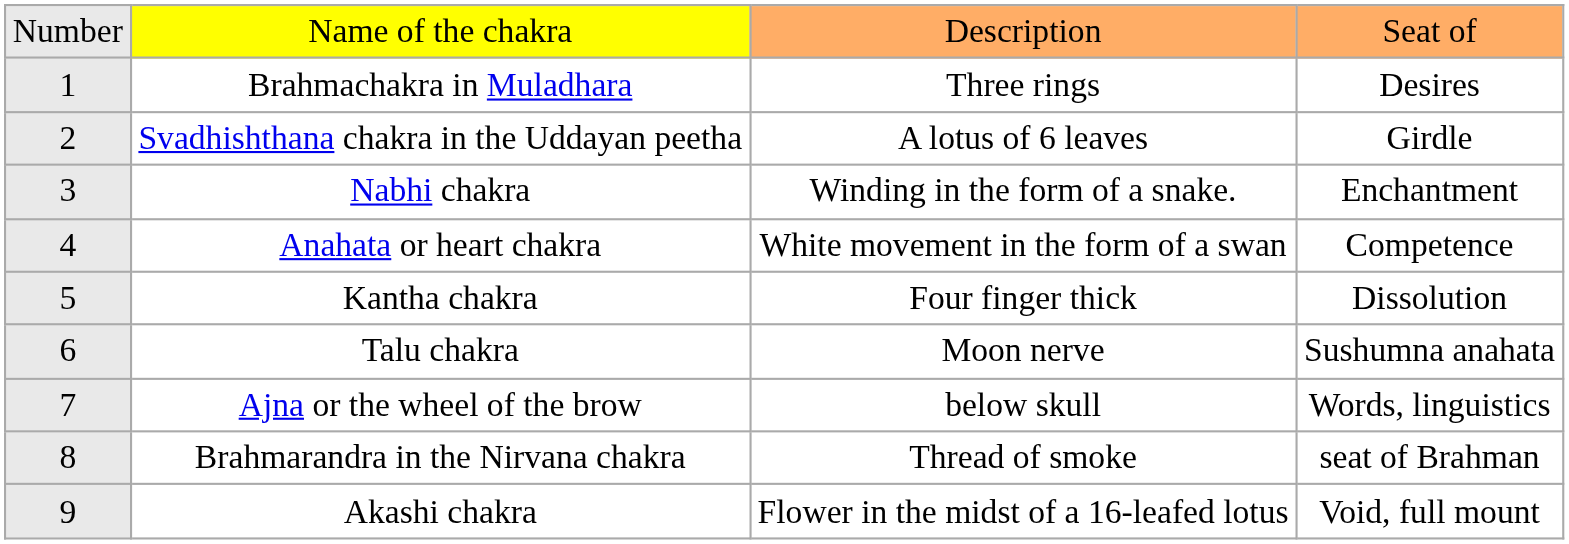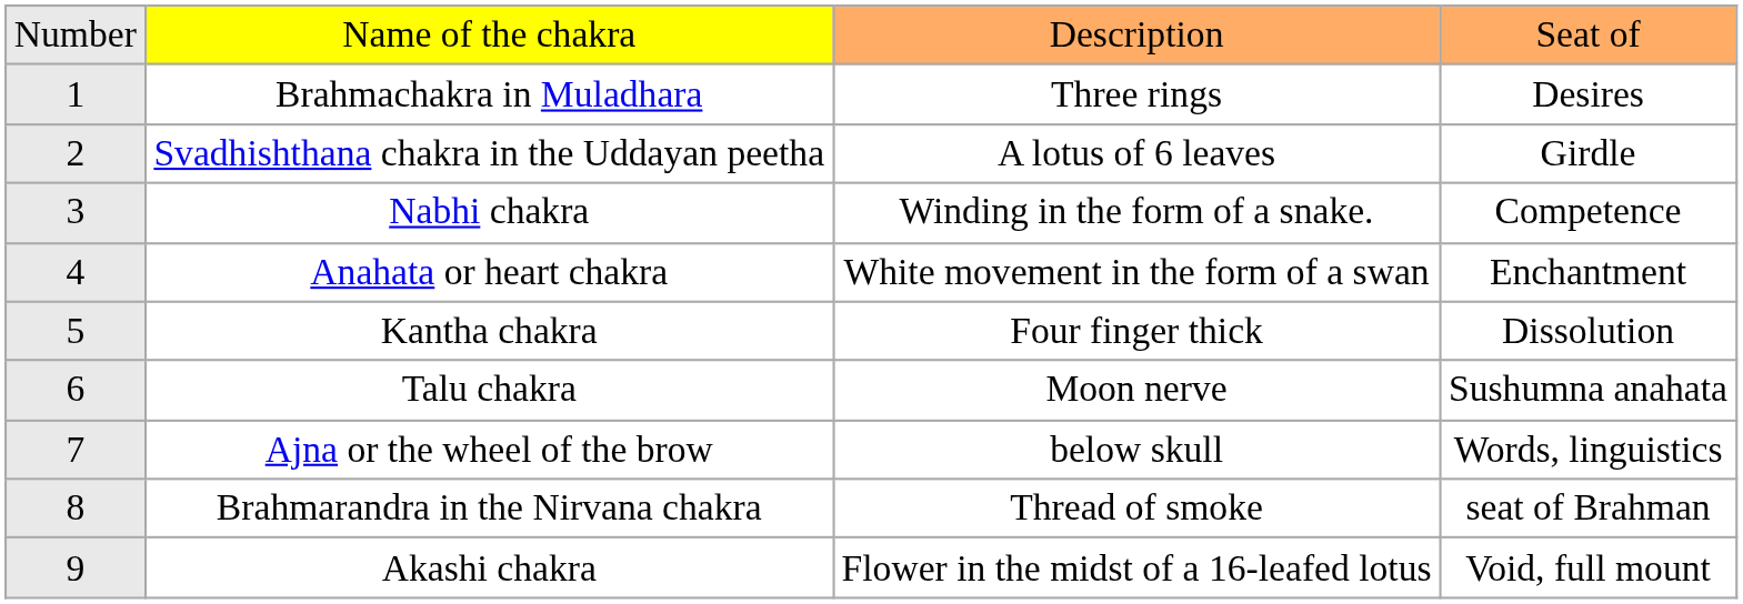 <table class="wikitable" align=center style = " background: transparent;">
 <tr style="text-align: center;">
 <td style="background: #e9e9e9;">Number</td>
 <td style="background: yellow;">Name of the chakra</td>
 <td style="background: #ffad66;">Description</td>
 <td style="background: #ffad66;">Seat of</td>
 </tr>
 <tr style="text-align: center;">
 <td style="background: #e9e9e9;">1</td>
 <td>Brahmachakra in <a href='#'>Muladhara</a></td>
 <td>Three rings</td>
 <td>Desires</td>
 </tr>
 <tr style="text-align: center;">
 <td style="background: #e9e9e9;">2</td>
 <td><a href='#'>Svadhishthana</a> chakra in the Uddayan peetha</td>
 <td>A lotus of 6 leaves</td>
 <td>Girdle</td>
 </tr>
 <tr style="text-align: center;">
 <td style="background: #e9e9e9;">3</td>
 <td><a href='#'>Nabhi</a> chakra</td>
 <td>Winding in the form of  a snake.</td>
-<td>Enchantment</td>
+<td>Competence</td>
 </tr>
 <tr style="text-align: center;">
 <td style="background: #e9e9e9;">4</td>
 <td><a href='#'>Anahata</a> or heart chakra</td>
 <td>White movement in the form of a swan</td>
-<td>Competence</td>
+<td>Enchantment</td>
 </tr>
 <tr style="text-align: center;">
 <td style="background: #e9e9e9;">5</td>
 <td>Kantha chakra</td>
 <td>Four finger thick</td>
 <td>Dissolution</td>
 </tr>
 <tr style="text-align: center;">
 <td style="background: #e9e9e9;">6</td>
 <td>Talu chakra</td>
 <td>Moon nerve</td>
 <td>Sushumna anahata</td>
 </tr>
 <tr style="text-align: center;">
 <td style="background: #e9e9e9;">7</td>
 <td><a href='#'>Ajna</a> or  the wheel of the brow</td>
 <td>below skull</td>
 <td>Words, linguistics</td>
 </tr>
 <tr style="text-align: center;">
 <td style="background: #e9e9e9;">8</td>
 <td>Brahmarandra in the  Nirvana chakra</td>
 <td>Thread of smoke</td>
 <td>seat of Brahman</td>
 </tr>
 <tr style="text-align: center;">
 <td style="background: #e9e9e9;">9</td>
 <td>Akashi chakra</td>
 <td>Flower in the midst of a 16-leafed lotus</td>
 <td>Void, full mount</td>
 </tr>
 </table>
